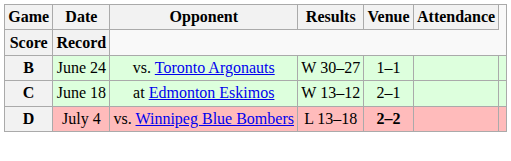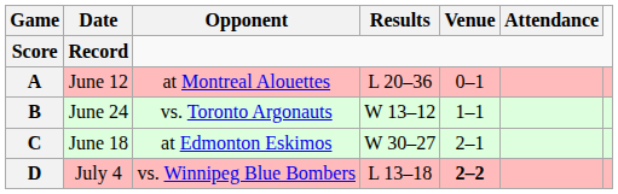 <table class="wikitable" style="text-align:center">
 <tr>
 <th>Game</th>
 <th>Date</th>
 <th>Opponent</th>
 <th>Results</th>
 <th>Venue</th>
 <th>Attendance</th>
 </tr>
 <tr>
 <th>Score</th>
 <th>Record</th>
 </tr>
+<tr style="background:#ffbbbb">
+<th>A</th>
+<td>June 12</td>
+<td>at <a href='#'>Montreal Alouettes</a></td>
+<td>L 20–36</td>
+<td>0–1</td>
+<td></td>
+<td></td>
+</tr>
 <tr style="background:#ddffdd">
 <th>B</th>
 <td>June 24</td>
 <td>vs. <a href='#'>Toronto Argonauts</a></td>
-<td>W 30–27</td>
+<td>W 13–12</td>
 <td>1–1</td>
 <td></td>
 <td></td>
 </tr>
 <tr style="background:#ddffdd">
 <th>C</th>
 <td>June 18</td>
 <td>at <a href='#'>Edmonton Eskimos</a></td>
-<td>W 13–12</td>
+<td>W 30–27</td>
 <td>2–1</td>
 <td></td>
 <td></td>
 </tr>
 <tr style="background:#ffbbbb">
 <th>D</th>
 <td>July 4</td>
 <td>vs. <a href='#'>Winnipeg Blue Bombers</a></td>
 <td>L 13–18</td>
 <td><strong>2–2</strong></td>
 <td></td>
 <td></td>
 </tr>
 </table>
